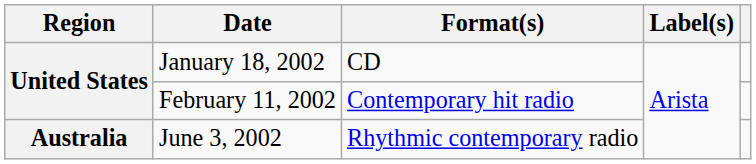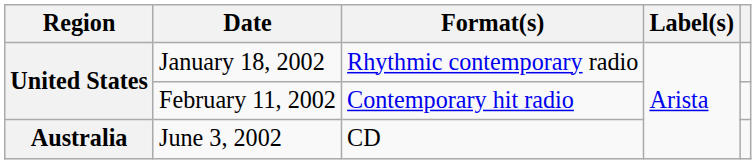 <table class="wikitable plainrowheaders">
 <tr>
 <th scope="col">Region</th>
 <th scope="col">Date</th>
 <th scope="col">Format(s)</th>
 <th scope="col">Label(s)</th>
 <th scope="col"></th>
 </tr>
 <tr>
 <th scope="row" rowspan="2">United States</th>
 <td>January 18, 2002</td>
-<td>CD</td>
+<td><a href='#'>Rhythmic contemporary</a> radio</td>
 <td rowspan="3"><a href='#'>Arista</a></td>
 <td></td>
 </tr>
 <tr>
 <td>February 11, 2002</td>
 <td><a href='#'>Contemporary hit radio</a></td>
 <td></td>
 </tr>
 <tr>
 <th scope="row">Australia</th>
 <td>June 3, 2002</td>
-<td><a href='#'>Rhythmic contemporary</a> radio</td>
+<td>CD</td>
 <td></td>
 </tr>
 </table>
